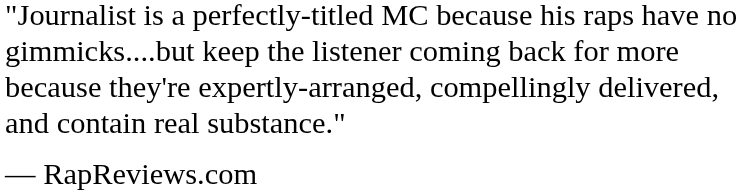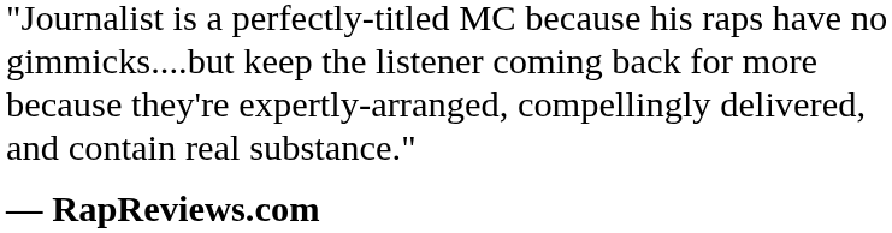 <table class="toccolours" style="float: right; margin-left: 1em; margin-right: 2em; font-size: 85%; background:offwhite; color:black; width:25em; max-width: 40%;" cellspacing="5">
 <tr>
 <td style="text-align: left;">"Journalist is a perfectly-titled MC because his raps have no gimmicks....but keep the listener coming back for more because they're expertly-arranged, compellingly delivered, and contain real substance."</td>
 </tr>
 <tr>
-<td style="text-align: left;">— RapReviews.com</td>
+<td style="text-align: left;"><strong>— RapReviews.com</strong></td>
 </tr>
 </table>
